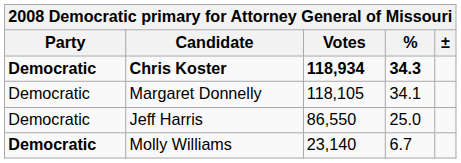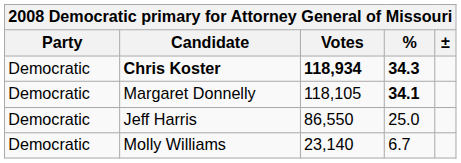 <table class="wikitable">
 <tr>
 <th colspan="5">2008 Democratic primary for Attorney General of Missouri</th>
 </tr>
 <tr>
 <th>Party</th>
 <th>Candidate</th>
 <th>Votes</th>
 <th>%</th>
 <th>±</th>
 </tr>
 <tr>
-<td><strong>Democratic</strong></td>
+<td>Democratic</td>
 <td><strong>Chris Koster</strong></td>
 <td><strong>118,934</strong></td>
 <td><strong>34.3</strong></td>
 <td></td>
 </tr>
 <tr>
 <td>Democratic</td>
 <td>Margaret Donnelly</td>
 <td>118,105</td>
-<td>34.1</td>
+<td><strong>34.1</strong></td>
 <td></td>
 </tr>
 <tr>
 <td>Democratic</td>
 <td>Jeff Harris</td>
 <td>86,550</td>
 <td>25.0</td>
 <td></td>
 </tr>
 <tr>
-<td><strong>Democratic</strong></td>
+<td>Democratic</td>
 <td>Molly Williams</td>
 <td>23,140</td>
 <td>6.7</td>
 <td></td>
 </tr>
 </table>
